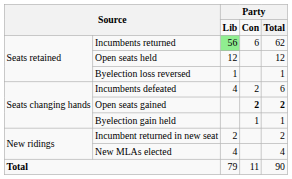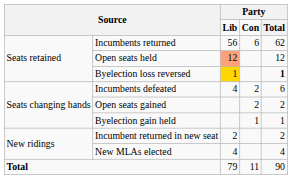 <table class="wikitable" style="text-align:right;">
 <tr>
 <th colspan="2" rowspan="2">Source</th>
 <th colspan="3">Party</th>
 </tr>
 <tr>
 <td><strong>Lib</strong></td>
 <td><strong>Con</strong></td>
 <th>Total</th>
 </tr>
 <tr>
 <td rowspan="3" style="text-align:left;">Seats retained</td>
 <td style="text-align:left;">Incumbents returned</td>
-<td style="background: lightgreen;">56</td>
+<td>56</td>
 <td>6</td>
 <td>62</td>
 </tr>
 <tr>
 <td style="text-align:left;">Open seats held</td>
-<td>12</td>
+<td style="background: lightsalmon;">12</td>
 <td></td>
 <td>12</td>
 </tr>
 <tr>
 <td style="text-align:left;">Byelection loss reversed</td>
-<td>1</td>
+<td style="background: gold;">1</td>
 <td></td>
-<td>1</td>
+<td><strong>1</strong></td>
 </tr>
 <tr>
 <td rowspan="3" style="text-align:left;">Seats changing hands</td>
 <td style="text-align:left;">Incumbents defeated</td>
 <td>4</td>
 <td>2</td>
 <td>6</td>
 </tr>
 <tr>
 <td style="text-align:left;">Open seats gained</td>
 <td></td>
-<td><strong>2</strong></td>
-<td><strong>2</strong></td>
+<td>2</td>
+<td>2</td>
 </tr>
 <tr>
 <td style="text-align:left;">Byelection gain held</td>
 <td></td>
 <td>1</td>
 <td>1</td>
 </tr>
 <tr>
 <td rowspan="2" style="text-align:left;">New ridings</td>
 <td style="text-align:left;">Incumbent returned in new seat</td>
 <td>2</td>
 <td></td>
 <td>2</td>
 </tr>
 <tr>
 <td style="text-align:left;">New MLAs elected</td>
 <td>4</td>
 <td></td>
 <td>4</td>
 </tr>
 <tr>
 <td colspan="2" style="text-align:left;"><strong>Total</strong></td>
 <td>79</td>
 <td>11</td>
 <td>90</td>
 </tr>
 </table>
